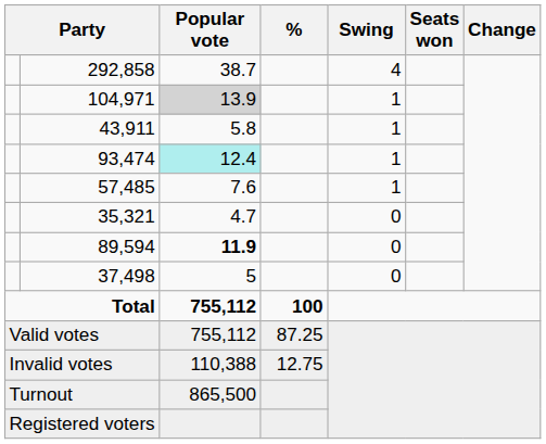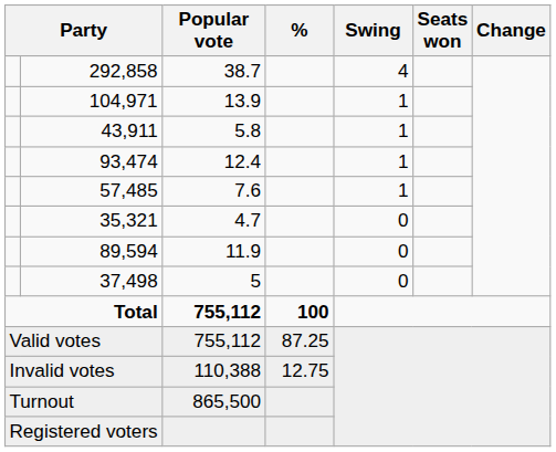 <table class=wikitable style="text-align:right">
 <tr>
 <th colspan=2>Party</th>
 <th width=80px>Popular vote</th>
 <th width=50px>%</th>
 <th width=60px>Swing</th>
 <th width=40px>Seats<br>won</th>
 <th width=45px>Change</th>
 </tr>
 <tr>
 <td></td>
 <td>292,858</td>
 <td>38.7</td>
 <td></td>
 <td>4</td>
 <td></td>
 </tr>
 <tr>
 <td></td>
 <td>104,971</td>
-<td style="background: lightgrey;">13.9</td>
+<td>13.9</td>
 <td></td>
 <td>1</td>
 <td></td>
 </tr>
 <tr>
 <td></td>
 <td>43,911</td>
 <td>5.8</td>
 <td></td>
 <td>1</td>
 <td></td>
 </tr>
 <tr>
 <td></td>
 <td>93,474</td>
-<td style="background: paleturquoise;">12.4</td>
+<td>12.4</td>
 <td></td>
 <td>1</td>
 <td></td>
 </tr>
 <tr>
 <td></td>
 <td>57,485</td>
 <td>7.6</td>
 <td></td>
 <td>1</td>
 <td></td>
 </tr>
 <tr>
 <td></td>
 <td>35,321</td>
 <td>4.7</td>
 <td></td>
 <td>0</td>
 <td></td>
 </tr>
 <tr>
 <td></td>
 <td>89,594</td>
-<td><strong>11.9</strong></td>
+<td>11.9</td>
 <td></td>
 <td>0</td>
 <td></td>
 </tr>
 <tr>
 <td></td>
 <td>37,498</td>
 <td>5</td>
 <td></td>
 <td>0</td>
 <td></td>
 </tr>
 <tr>
 <td colspan="2"><strong>Total</strong></td>
 <td><strong>755,112</strong></td>
 <td><strong>100</strong></td>
 <td colspan="3"></td>
 </tr>
 <tr bgcolor="#efefef">
 <td colspan="2" align="left">Valid votes</td>
 <td>755,112</td>
 <td>87.25</td>
 <td colspan="3" rowspan="4"></td>
 </tr>
 <tr bgcolor="#efefef">
 <td colspan="2" align="left">Invalid votes</td>
 <td>110,388</td>
 <td>12.75</td>
 </tr>
 <tr bgcolor="#efefef">
 <td colspan="2" align="left">Turnout</td>
 <td>865,500</td>
 <td></td>
 </tr>
 <tr bgcolor="#efefef">
 <td colspan="2" align="left">Registered voters</td>
 <td></td>
 <td></td>
 </tr>
 </table>
